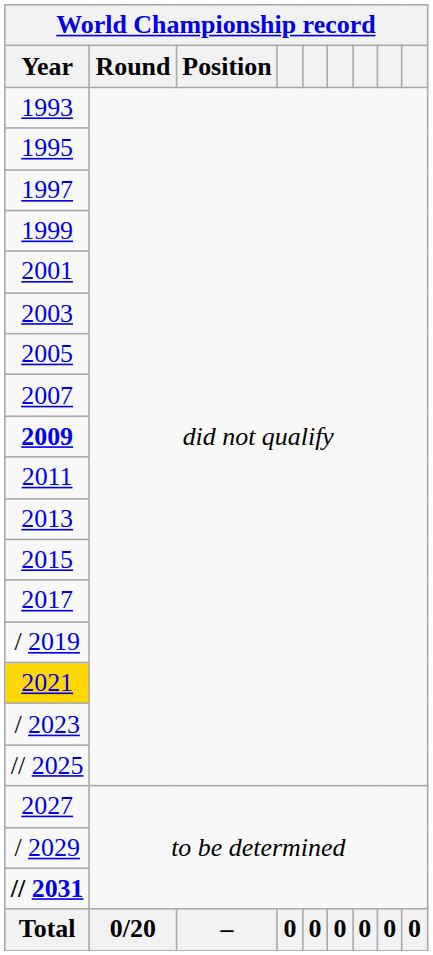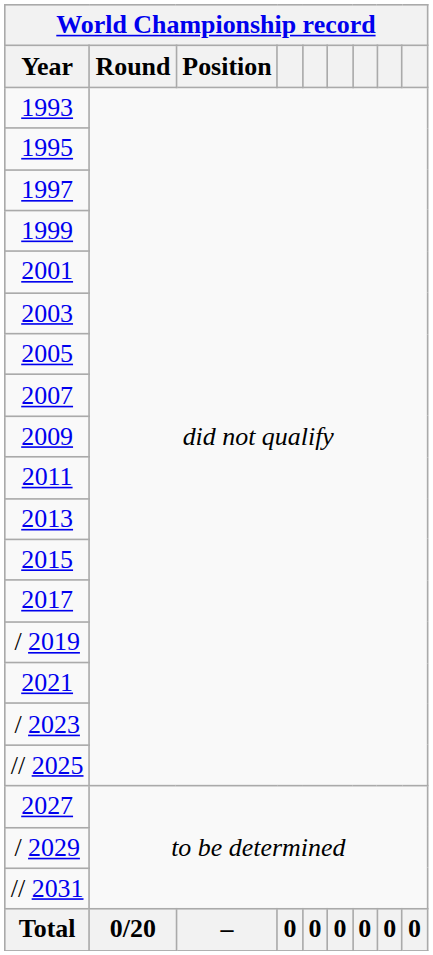 <table class="wikitable" style="text-align: center;">
 <tr>
 <th colspan=9><a href='#'>World Championship record</a></th>
 </tr>
 <tr>
 <th>Year</th>
 <th>Round</th>
 <th>Position</th>
 <th></th>
 <th></th>
 <th></th>
 <th></th>
 <th></th>
 <th></th>
 </tr>
 <tr>
 <td> <a href='#'>1993</a></td>
 <td colspan="8" rowspan="17"><em>did not qualify</em></td>
 </tr>
 <tr>
 <td> <a href='#'>1995</a></td>
 </tr>
 <tr>
 <td> <a href='#'>1997</a></td>
 </tr>
 <tr>
 <td> <a href='#'>1999</a></td>
 </tr>
 <tr>
 <td> <a href='#'>2001</a></td>
 </tr>
 <tr>
 <td> <a href='#'>2003</a></td>
 </tr>
 <tr>
 <td> <a href='#'>2005</a></td>
 </tr>
 <tr>
 <td> <a href='#'>2007</a></td>
 </tr>
 <tr>
-<td><strong> <a href='#'>2009</a></strong></td>
+<td> <a href='#'>2009</a></td>
 </tr>
 <tr>
 <td> <a href='#'>2011</a></td>
 </tr>
 <tr>
 <td> <a href='#'>2013</a></td>
 </tr>
 <tr>
 <td> <a href='#'>2015</a></td>
 </tr>
 <tr>
 <td> <a href='#'>2017</a></td>
 </tr>
 <tr>
 <td>/ <a href='#'>2019</a></td>
 </tr>
 <tr>
-<td style="background: gold;"> <a href='#'>2021</a></td>
+<td> <a href='#'>2021</a></td>
 </tr>
 <tr>
 <td>/ <a href='#'>2023</a></td>
 </tr>
 <tr>
 <td>// <a href='#'>2025</a></td>
 </tr>
 <tr>
 <td> <a href='#'>2027</a></td>
 <td colspan="8" rowspan="3"><em>to be determined</em></td>
 </tr>
 <tr>
 <td>/ <a href='#'>2029</a></td>
 </tr>
 <tr>
-<td><strong>// <a href='#'>2031</a></strong></td>
+<td>// <a href='#'>2031</a></td>
 </tr>
 <tr>
 <th>Total</th>
 <th>0/20</th>
 <th>–</th>
 <th>0</th>
 <th>0</th>
 <th>0</th>
 <th>0</th>
 <th>0</th>
 <th>0</th>
 </tr>
 </table>
